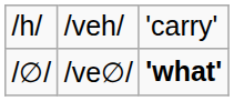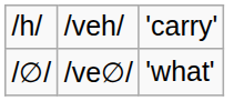 <table class="wikitable">
 <tr>
 <td>/h/</td>
 <td>/veh/</td>
 <td>'carry'</td>
 </tr>
 <tr>
 <td>/∅/</td>
 <td>/ve∅/</td>
-<td><strong>'what'</strong></td>
+<td>'what'</td>
 </tr>
 </table>
